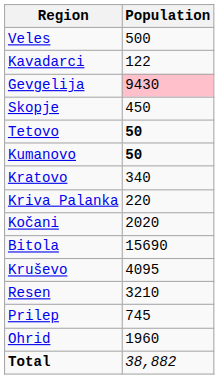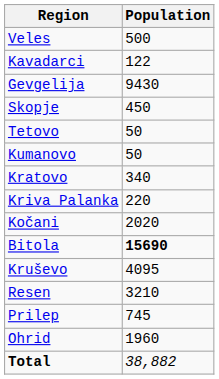 <table class="wikitable">
 <tr>
 <th><strong>Region</strong></th>
 <th><strong>Population</strong></th>
 </tr>
 <tr>
 <td><a href='#'>Veles</a></td>
 <td>500</td>
 </tr>
 <tr>
 <td><a href='#'>Kavadarci</a></td>
 <td>122</td>
 </tr>
 <tr>
 <td><a href='#'>Gevgelija</a></td>
-<td style="background: pink;">9430</td>
+<td>9430</td>
 </tr>
 <tr>
 <td><a href='#'>Skopje</a></td>
 <td>450</td>
 </tr>
 <tr>
 <td><a href='#'>Tetovo</a></td>
-<td><strong>50</strong></td>
+<td>50</td>
 </tr>
 <tr>
 <td><a href='#'>Kumanovo</a></td>
-<td><strong>50</strong></td>
+<td>50</td>
 </tr>
 <tr>
 <td><a href='#'>Kratovo</a></td>
 <td>340</td>
 </tr>
 <tr>
 <td><a href='#'>Kriva Palanka</a></td>
 <td>220</td>
 </tr>
 <tr>
 <td><a href='#'>Kočani</a></td>
 <td>2020</td>
 </tr>
 <tr>
 <td><a href='#'>Bitola</a></td>
-<td>15690</td>
+<td><strong>15690</strong></td>
 </tr>
 <tr>
 <td><a href='#'>Kruševo</a></td>
 <td>4095</td>
 </tr>
 <tr>
 <td><a href='#'>Resen</a></td>
 <td>3210</td>
 </tr>
 <tr>
 <td><a href='#'>Prilep</a></td>
 <td>745</td>
 </tr>
 <tr>
 <td><a href='#'>Ohrid</a></td>
 <td>1960</td>
 </tr>
 <tr>
 <td><strong>Total</strong></td>
 <td><em>38,882</em></td>
 </tr>
 </table>
